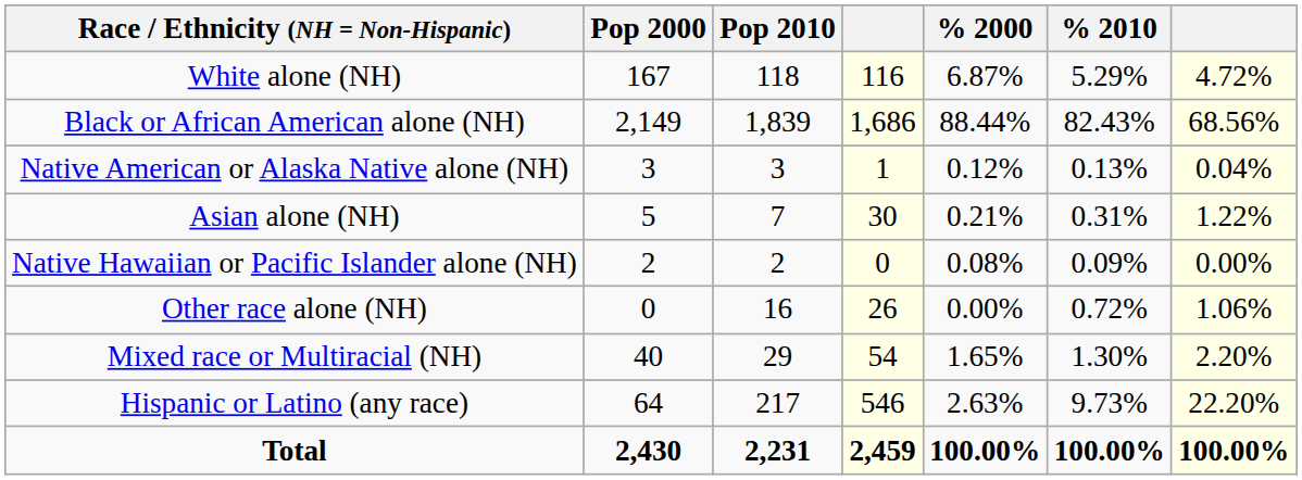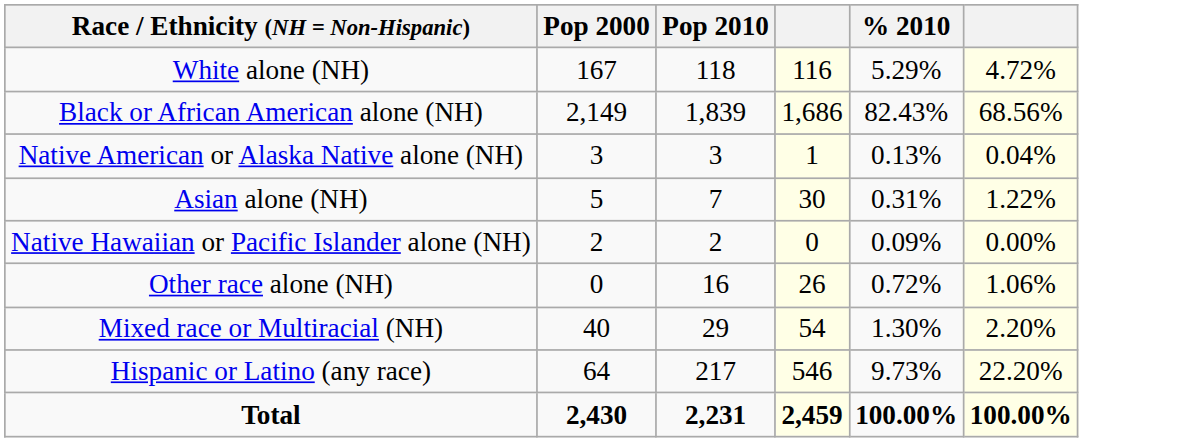 <table class="wikitable" style="text-align:center;">
 <tr>
 <th>Race / Ethnicity <small>(<em>NH = Non-Hispanic</em>)</small></th>
 <th>Pop 2000</th>
 <th>Pop 2010</th>
 <th></th>
-<th>% 2000</th>
 <th>% 2010</th>
 <th></th>
 </tr>
 <tr>
 <td><a href='#'>White</a> alone (NH)</td>
 <td>167</td>
 <td>118</td>
 <td style='background: #ffffe6;'>116</td>
-<td>6.87%</td>
 <td>5.29%</td>
 <td style='background: #ffffe6;'>4.72%</td>
 </tr>
 <tr>
 <td><a href='#'>Black or African American</a> alone (NH)</td>
 <td>2,149</td>
 <td>1,839</td>
 <td style='background: #ffffe6;'>1,686</td>
-<td>88.44%</td>
 <td>82.43%</td>
 <td style='background: #ffffe6;'>68.56%</td>
 </tr>
 <tr>
 <td><a href='#'>Native American</a> or <a href='#'>Alaska Native</a> alone (NH)</td>
 <td>3</td>
 <td>3</td>
 <td style='background: #ffffe6;'>1</td>
-<td>0.12%</td>
 <td>0.13%</td>
 <td style='background: #ffffe6;'>0.04%</td>
 </tr>
 <tr>
 <td><a href='#'>Asian</a> alone (NH)</td>
 <td>5</td>
 <td>7</td>
 <td style='background: #ffffe6;'>30</td>
-<td>0.21%</td>
 <td>0.31%</td>
 <td style='background: #ffffe6;'>1.22%</td>
 </tr>
 <tr>
 <td><a href='#'>Native Hawaiian</a> or <a href='#'>Pacific Islander</a> alone (NH)</td>
 <td>2</td>
 <td>2</td>
 <td style='background: #ffffe6;'>0</td>
-<td>0.08%</td>
 <td>0.09%</td>
 <td style='background: #ffffe6;'>0.00%</td>
 </tr>
 <tr>
 <td><a href='#'>Other race</a> alone (NH)</td>
 <td>0</td>
 <td>16</td>
 <td style='background: #ffffe6;'>26</td>
-<td>0.00%</td>
 <td>0.72%</td>
 <td style='background: #ffffe6;'>1.06%</td>
 </tr>
 <tr>
 <td><a href='#'>Mixed race or Multiracial</a> (NH)</td>
 <td>40</td>
 <td>29</td>
 <td style='background: #ffffe6;'>54</td>
-<td>1.65%</td>
 <td>1.30%</td>
 <td style='background: #ffffe6;'>2.20%</td>
 </tr>
 <tr>
 <td><a href='#'>Hispanic or Latino</a> (any race)</td>
 <td>64</td>
 <td>217</td>
 <td style='background: #ffffe6;'>546</td>
-<td>2.63%</td>
 <td>9.73%</td>
 <td style='background: #ffffe6;'>22.20%</td>
 </tr>
 <tr>
 <td><strong>Total</strong></td>
 <td><strong>2,430</strong></td>
 <td><strong>2,231</strong></td>
 <td style='background: #ffffe6;'><strong>2,459</strong></td>
 <td><strong>100.00%</strong></td>
-<td><strong>100.00%</strong></td>
 <td style='background: #ffffe6;'><strong>100.00%</strong></td>
 </tr>
 </table>
